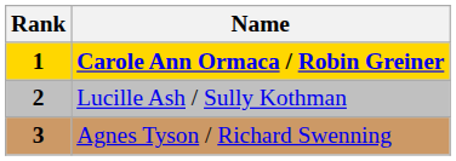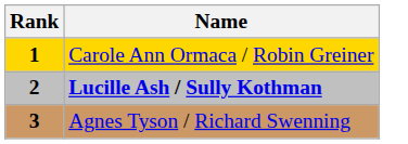 <table class="wikitable">
 <tr>
 <th>Rank</th>
 <th>Name</th>
 </tr>
 <tr bgcolor="gold">
 <td align="center"><strong>1</strong></td>
-<td><strong><a href='#'>Carole Ann Ormaca</a> / <a href='#'>Robin Greiner</a></strong></td>
+<td><a href='#'>Carole Ann Ormaca</a> / <a href='#'>Robin Greiner</a></td>
 </tr>
 <tr bgcolor="silver">
 <td align="center"><strong>2</strong></td>
-<td><a href='#'>Lucille Ash</a> / <a href='#'>Sully Kothman</a></td>
+<td><strong><a href='#'>Lucille Ash</a> / <a href='#'>Sully Kothman</a></strong></td>
 </tr>
 <tr bgcolor="cc9966">
 <td align="center"><strong>3</strong></td>
 <td><a href='#'>Agnes Tyson</a> / <a href='#'>Richard Swenning</a></td>
 </tr>
 </table>
